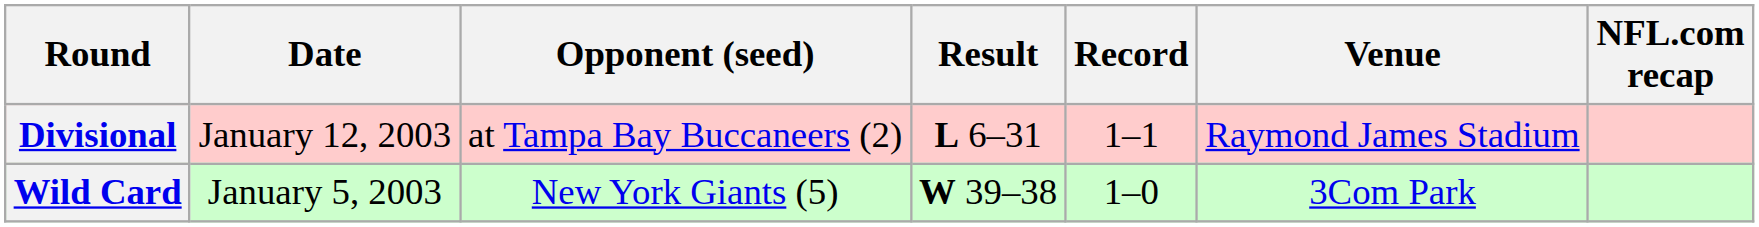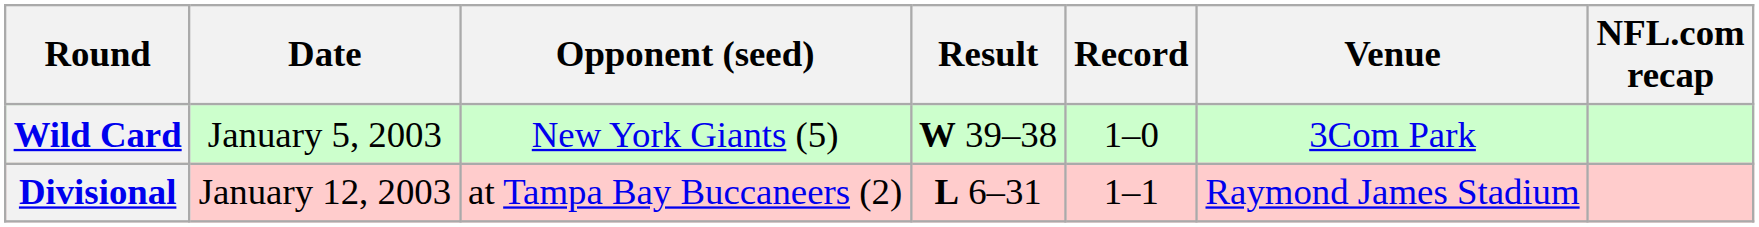 <table class="wikitable" style="text-align:center">
 <tr>
 <th>Round</th>
 <th>Date</th>
 <th>Opponent (seed)</th>
 <th>Result</th>
 <th>Record</th>
 <th>Venue</th>
 <th>NFL.com<br>recap</th>
 </tr>
+<tr style="background:#cfc">
+<th><a href='#'>Wild Card</a></th>
+<td>January 5, 2003</td>
+<td><a href='#'>New York Giants</a> (5)</td>
+<td><strong>W</strong> 39–38</td>
+<td>1–0</td>
+<td><a href='#'>3Com Park</a></td>
+<td></td>
+</tr>
 <tr style="background:#fcc">
 <th><a href='#'>Divisional</a></th>
 <td>January 12, 2003</td>
 <td>at <a href='#'>Tampa Bay Buccaneers</a> (2)</td>
 <td><strong>L</strong> 6–31</td>
 <td>1–1</td>
 <td><a href='#'>Raymond James Stadium</a></td>
 <td></td>
 </tr>
-<tr style="background:#cfc">
-<th><a href='#'>Wild Card</a></th>
-<td>January 5, 2003</td>
-<td><a href='#'>New York Giants</a> (5)</td>
-<td><strong>W</strong> 39–38</td>
-<td>1–0</td>
-<td><a href='#'>3Com Park</a></td>
-<td></td>
-</tr>
 </table>
